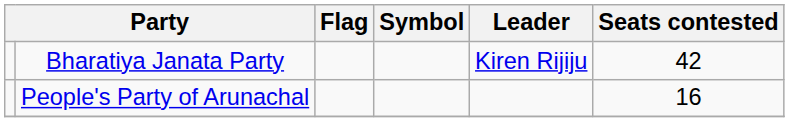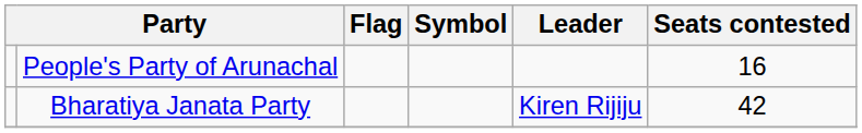 <table class="wikitable" style="text-align:center;">
 <tr>
 <th colspan="2">Party</th>
 <th>Flag</th>
 <th>Symbol</th>
 <th>Leader</th>
 <th>Seats contested</th>
 </tr>
 <tr>
 <td></td>
+<td><a href='#'>People's Party of Arunachal</a></td>
+<td></td>
+<td></td>
+<td></td>
+<td>16</td>
+</tr>
+<tr>
+<td></td>
 <td><a href='#'>Bharatiya Janata Party</a></td>
 <td></td>
 <td></td>
 <td><a href='#'>Kiren Rijiju</a></td>
 <td>42</td>
 </tr>
 <tr>
-<td></td>
-<td><a href='#'>People's Party of Arunachal</a></td>
-<td></td>
-<td></td>
-<td></td>
-<td>16</td>
-</tr>
-<tr>
 </tr>
 </table>
